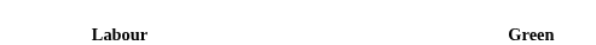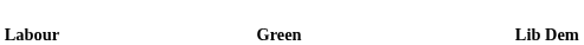 <table style="width:60%; text-align:center;">
 <tr style="color:white;">
 <td style="background:"><strong>27</strong></td>
 <td style="background:"><strong>9</strong></td>
+<td style="background:"><strong>3</strong></td>
 </tr>
 <tr>
 <td><span><strong>Labour</strong></span></td>
 <td><span><strong>Green</strong></span></td>
+<td><span><strong>Lib Dem</strong></span></td>
 </tr>
 </table>
